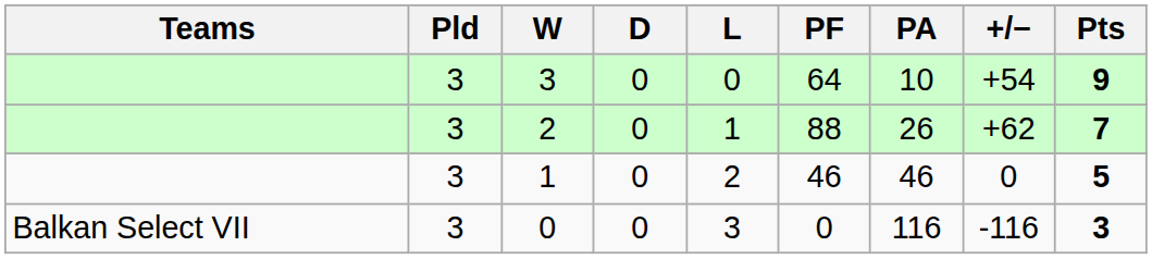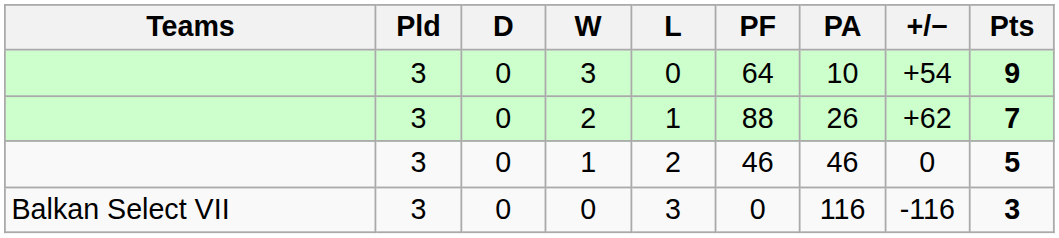 <table class="wikitable" style="text-align: center;">
 <tr>
 <th width="200">Teams</th>
 <th width="40">Pld</th>
+<th width="40">D</th>
 <th width="40">W</th>
-<th width="40">D</th>
 <th width="40">L</th>
 <th width="40">PF</th>
 <th width="40">PA</th>
 <th width="40">+/−</th>
 <th width="40">Pts</th>
 </tr>
 <tr bgcolor=#ccffcc>
 <td align=left></td>
 <td>3</td>
+<td>0</td>
 <td>3</td>
-<td>0</td>
 <td>0</td>
 <td>64</td>
 <td>10</td>
 <td>+54</td>
 <td><strong>9</strong></td>
 </tr>
 <tr bgcolor=#ccffcc>
 <td align=left></td>
 <td>3</td>
+<td>0</td>
 <td>2</td>
-<td>0</td>
 <td>1</td>
 <td>88</td>
 <td>26</td>
 <td>+62</td>
 <td><strong>7</strong></td>
 </tr>
 <tr>
 <td align=left></td>
 <td>3</td>
+<td>0</td>
 <td>1</td>
-<td>0</td>
 <td>2</td>
 <td>46</td>
 <td>46</td>
 <td>0</td>
 <td><strong>5</strong></td>
 </tr>
 <tr>
 <td align=left>Balkan Select VII</td>
 <td>3</td>
 <td>0</td>
 <td>0</td>
 <td>3</td>
 <td>0</td>
 <td>116</td>
 <td>-116</td>
 <td><strong>3</strong></td>
 </tr>
 </table>
